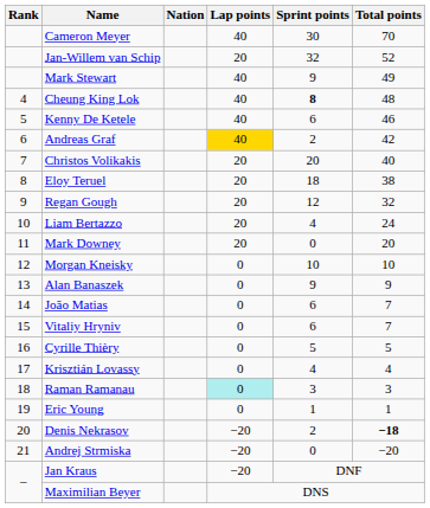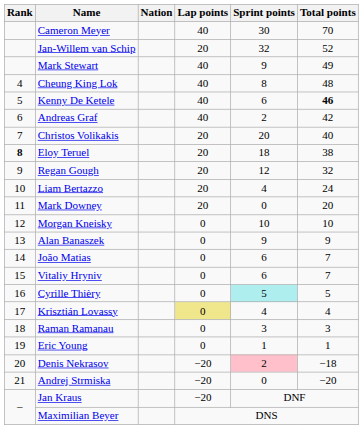 <table class="wikitable sortable" style="text-align:center">
 <tr>
 <th>Rank</th>
 <th>Name</th>
 <th>Nation</th>
 <th>Lap points</th>
 <th>Sprint points</th>
 <th>Total points</th>
 </tr>
 <tr>
 <td></td>
 <td align=left><a href='#'>Cameron Meyer</a></td>
 <td align=left></td>
 <td>40</td>
 <td>30</td>
 <td>70</td>
 </tr>
 <tr>
 <td></td>
 <td align=left><a href='#'>Jan-Willem van Schip</a></td>
 <td align=left></td>
 <td>20</td>
 <td>32</td>
 <td>52</td>
 </tr>
 <tr>
 <td></td>
 <td align=left><a href='#'>Mark Stewart</a></td>
 <td align=left></td>
 <td>40</td>
 <td>9</td>
 <td>49</td>
 </tr>
 <tr>
 <td>4</td>
 <td align=left><a href='#'>Cheung King Lok</a></td>
 <td align=left></td>
 <td>40</td>
-<td><strong>8</strong></td>
+<td>8</td>
 <td>48</td>
 </tr>
 <tr>
 <td>5</td>
 <td align=left><a href='#'>Kenny De Ketele</a></td>
 <td align=left></td>
 <td>40</td>
 <td>6</td>
-<td>46</td>
+<td><strong>46</strong></td>
 </tr>
 <tr>
 <td>6</td>
 <td align=left><a href='#'>Andreas Graf</a></td>
 <td align=left></td>
-<td style="background: gold;">40</td>
+<td>40</td>
 <td>2</td>
 <td>42</td>
 </tr>
 <tr>
 <td>7</td>
 <td align=left><a href='#'>Christos Volikakis</a></td>
 <td align=left></td>
 <td>20</td>
 <td>20</td>
 <td>40</td>
 </tr>
 <tr>
-<td>8</td>
+<td><strong>8</strong></td>
 <td align=left><a href='#'>Eloy Teruel</a></td>
 <td align=left></td>
 <td>20</td>
 <td>18</td>
 <td>38</td>
 </tr>
 <tr>
 <td>9</td>
 <td align=left><a href='#'>Regan Gough</a></td>
 <td align=left></td>
 <td>20</td>
 <td>12</td>
 <td>32</td>
 </tr>
 <tr>
 <td>10</td>
 <td align=left><a href='#'>Liam Bertazzo</a></td>
 <td align=left></td>
 <td>20</td>
 <td>4</td>
 <td>24</td>
 </tr>
 <tr>
 <td>11</td>
 <td align=left><a href='#'>Mark Downey</a></td>
 <td align=left></td>
 <td>20</td>
 <td>0</td>
 <td>20</td>
 </tr>
 <tr>
 <td>12</td>
 <td align=left><a href='#'>Morgan Kneisky</a></td>
 <td align=left></td>
 <td>0</td>
 <td>10</td>
 <td>10</td>
 </tr>
 <tr>
 <td>13</td>
 <td align=left><a href='#'>Alan Banaszek</a></td>
 <td align=left></td>
 <td>0</td>
 <td>9</td>
 <td>9</td>
 </tr>
 <tr>
 <td>14</td>
 <td align=left><a href='#'>João Matias</a></td>
 <td align=left></td>
 <td>0</td>
 <td>6</td>
 <td>7</td>
 </tr>
 <tr>
 <td>15</td>
 <td align=left><a href='#'>Vitaliy Hryniv</a></td>
 <td align=left></td>
 <td>0</td>
 <td>6</td>
 <td>7</td>
 </tr>
 <tr>
 <td>16</td>
 <td align=left><a href='#'>Cyrille Thièry</a></td>
 <td align=left></td>
 <td>0</td>
-<td>5</td>
+<td style="background: paleturquoise;">5</td>
 <td>5</td>
 </tr>
 <tr>
 <td>17</td>
 <td align=left><a href='#'>Krisztián Lovassy</a></td>
 <td align=left></td>
-<td>0</td>
+<td style="background: khaki;">0</td>
 <td>4</td>
 <td>4</td>
 </tr>
 <tr>
 <td>18</td>
 <td align=left><a href='#'>Raman Ramanau</a></td>
 <td align=left></td>
-<td style="background: paleturquoise;">0</td>
+<td>0</td>
 <td>3</td>
 <td>3</td>
 </tr>
 <tr>
 <td>19</td>
 <td align=left><a href='#'>Eric Young</a></td>
 <td align=left></td>
 <td>0</td>
 <td>1</td>
 <td>1</td>
 </tr>
 <tr>
 <td>20</td>
 <td align=left><a href='#'>Denis Nekrasov</a></td>
 <td align=left></td>
 <td>−20</td>
-<td>2</td>
-<td><strong>−18</strong></td>
+<td style="background: pink;">2</td>
+<td>−18</td>
 </tr>
 <tr>
 <td>21</td>
 <td align=left><a href='#'>Andrej Strmiska</a></td>
 <td align=left></td>
 <td>−20</td>
 <td>0</td>
 <td>−20</td>
 </tr>
 <tr>
 <td rowspan=2>–</td>
 <td align=left><a href='#'>Jan Kraus</a></td>
 <td align=left></td>
 <td>−20</td>
 <td colspan=2>DNF</td>
 </tr>
 <tr>
 <td align=left><a href='#'>Maximilian Beyer</a></td>
 <td align=left></td>
 <td colspan=3>DNS</td>
 </tr>
 </table>
